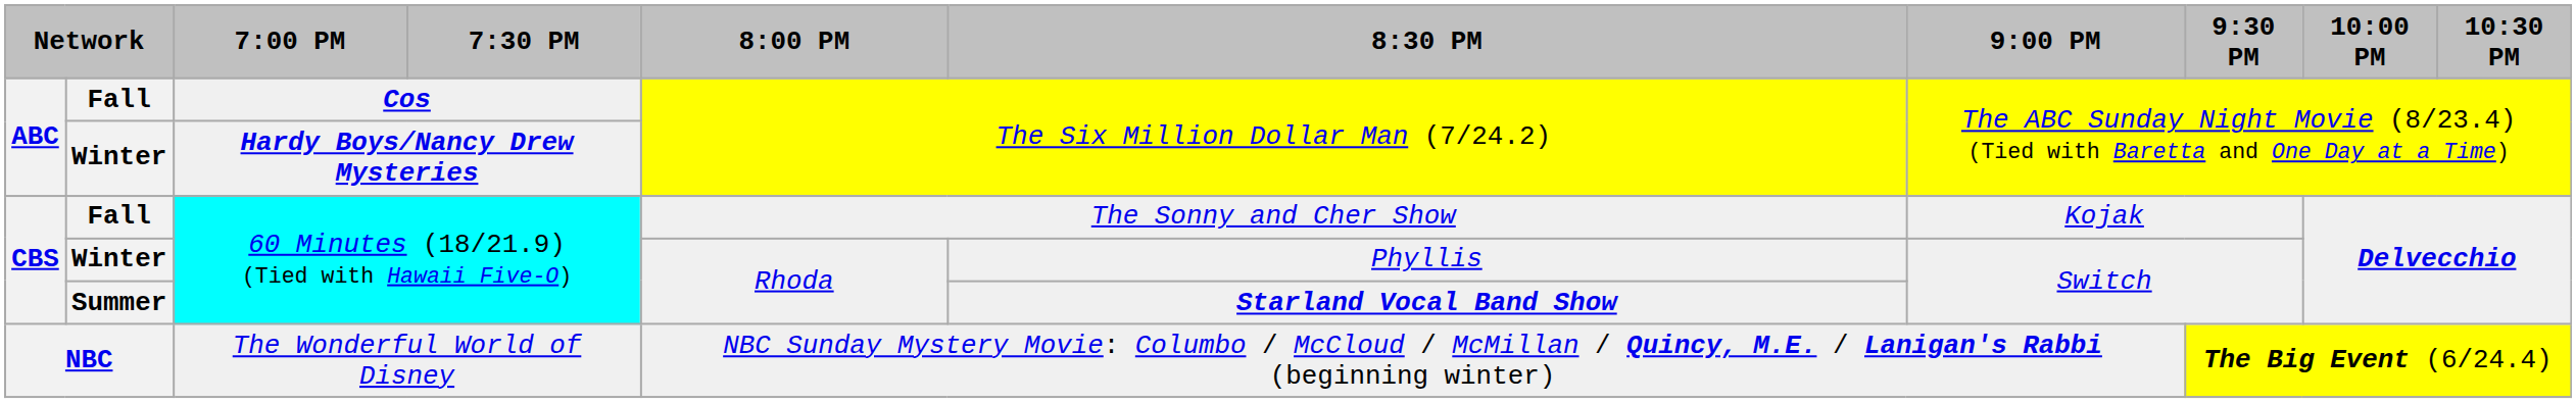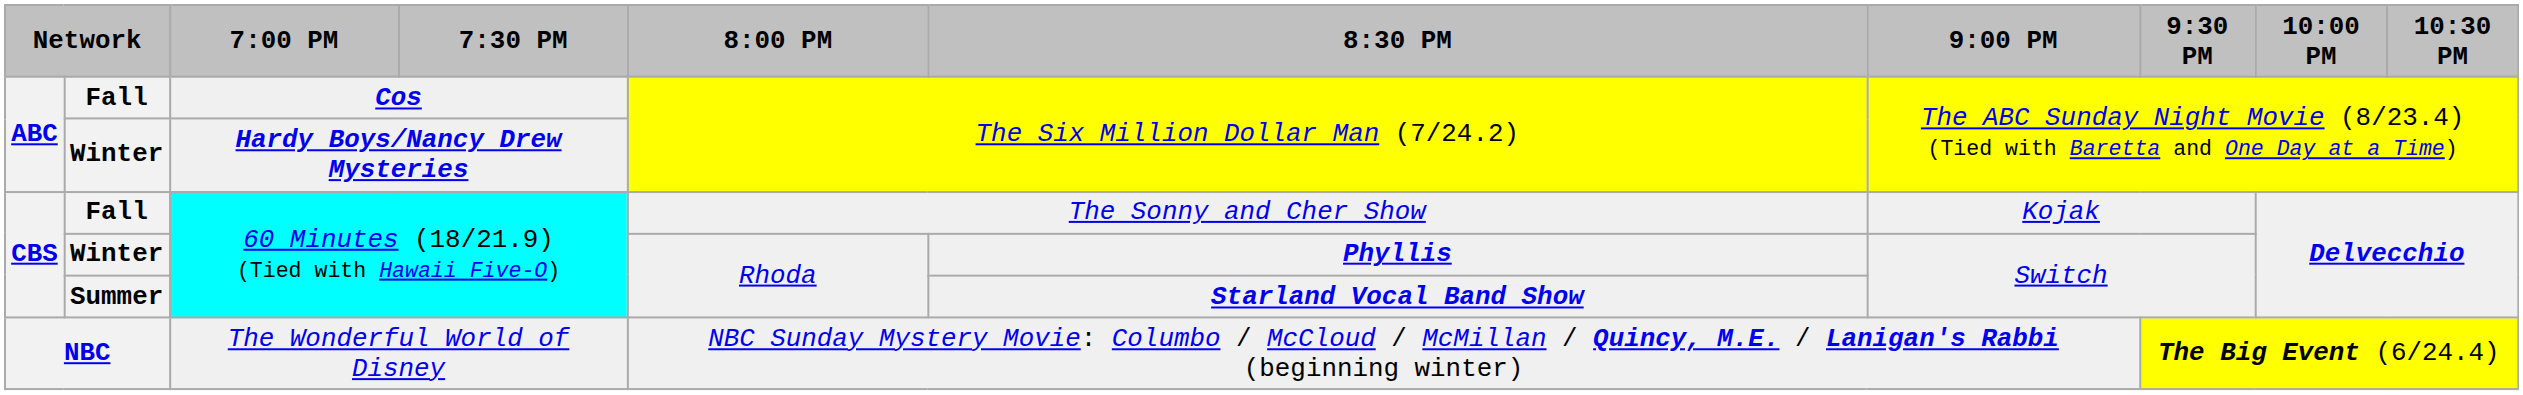 <table class="wikitable" style="width:100%;margin-right:0;text-align:center">
 <tr>
 <th colspan="2" style="background-color:#C0C0C0;text-align:center">Network</th>
 <th style="background-color:#C0C0C0;text-align:center">7:00 PM</th>
 <th style="background-color:#C0C0C0;text-align:center">7:30 PM</th>
 <th style="background-color:#C0C0C0;text-align:center">8:00 PM</th>
 <th style="background-color:#C0C0C0;text-align:center">8:30 PM</th>
 <th style="background-color:#C0C0C0;text-align:center">9:00 PM</th>
 <th style="background-color:#C0C0C0;text-align:center">9:30 PM</th>
 <th style="background-color:#C0C0C0;text-align:center">10:00 PM</th>
 <th style="background-color:#C0C0C0;text-align:center">10:30 PM</th>
 </tr>
 <tr>
 <th bgcolor="#C0C0C0" rowspan="2"><a href='#'>ABC</a></th>
 <th>Fall</th>
 <td bgcolor="#F0F0F0" colspan="2"><strong><em><a href='#'>Cos</a></em></strong></td>
 <td bgcolor="#FFFF00" colspan="2" rowspan="2"><em><a href='#'>The Six Million Dollar Man</a></em> (7/24.2)</td>
 <td bgcolor="#FFFF00" colspan="4" rowspan="2"><em><a href='#'>The ABC Sunday Night Movie</a></em> (8/23.4)<br><small>(Tied with <em><a href='#'>Baretta</a></em> and <em><a href='#'>One Day at a Time</a></em>)</small></td>
 </tr>
 <tr>
 <th>Winter</th>
 <td bgcolor="#F0F0F0" colspan="2"><strong><em><a href='#'>Hardy Boys/Nancy Drew Mysteries</a></em></strong></td>
 </tr>
 <tr>
 <th bgcolor="#C0C0C0" rowspan="3"><a href='#'>CBS</a></th>
 <th>Fall</th>
 <td bgcolor="#00FFFF" colspan="2" rowspan="3"><em><a href='#'>60 Minutes</a></em> (18/21.9)<br><small>(Tied with <em><a href='#'>Hawaii Five-O</a></em>)</small></td>
 <td bgcolor="#F0F0F0" colspan="2"><em><a href='#'>The Sonny and Cher Show</a></em></td>
 <td bgcolor="#F0F0F0" colspan="2"><em><a href='#'>Kojak</a></em></td>
 <td bgcolor="#F0F0F0" colspan="2" rowspan="3"><strong><em><a href='#'>Delvecchio</a></em></strong></td>
 </tr>
 <tr>
 <th>Winter</th>
 <td bgcolor="#F0F0F0" colspan="1" rowspan="2"><em><a href='#'>Rhoda</a></em></td>
-<td bgcolor="#F0F0F0" colspan="1"><em><a href='#'>Phyllis</a></em></td>
+<td bgcolor="#F0F0F0" colspan="1"><strong><em><a href='#'>Phyllis</a></em></strong></td>
 <td bgcolor="#F0F0F0" colspan="2" rowspan="2"><em><a href='#'>Switch</a></em></td>
 </tr>
 <tr>
 <th>Summer</th>
 <td bgcolor="#F0F0F0" colspan="1"><strong><em><a href='#'>Starland Vocal Band Show</a></em></strong></td>
 </tr>
 <tr>
 <th bgcolor="#C0C0C0" colspan="2"><a href='#'>NBC</a></th>
 <td bgcolor="#F0F0F0" colspan="2"><em><a href='#'>The Wonderful World of Disney</a></em></td>
 <td bgcolor="#F0F0F0" colspan="3"><em><a href='#'>NBC Sunday Mystery Movie</a></em>: <em><a href='#'>Columbo</a></em> / <em><a href='#'>McCloud</a></em> / <em><a href='#'>McMillan</a></em> / <strong><em><a href='#'>Quincy, M.E.</a></em></strong> / <strong><em><a href='#'>Lanigan's Rabbi</a></em></strong> (beginning winter)</td>
 <td bgcolor="#FFFF00" colspan="3"><strong><em>The Big Event</em></strong> (6/24.4)</td>
 </tr>
 </table>
